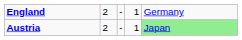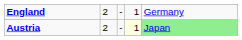 <table class="wikitable">
 <tr>
 <td width=150> <strong><a href='#'>England</a></strong></td>
 <td style="width:20px; text-align:left;">2</td>
 <td>-</td>
 <td style="width:20px; text-align:right;">1</td>
 <td width=150> <a href='#'>Germany</a></td>
 </tr>
 <tr>
 <td> <strong><a href='#'>Austria</a></strong></td>
 <td style="text-align:left;">2</td>
 <td>-</td>
-<td style="text-align:right;">1</td>
+<td style="background: lightyellow; text-align:right;">1</td>
 <td style="background: lightgreen;"> <a href='#'>Japan</a></td>
 </tr>
 </table>
